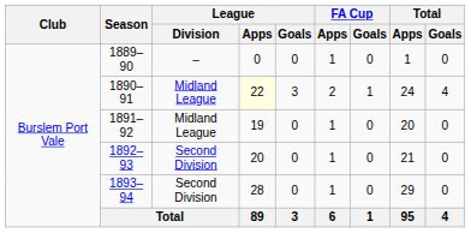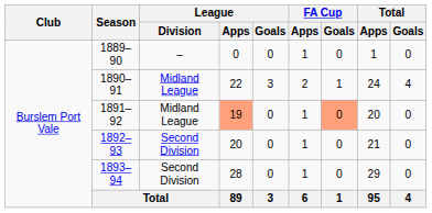 <table class="wikitable" style="text-align:center">
 <tr>
 <th rowspan="2">Club</th>
 <th rowspan="2">Season</th>
 <th colspan="3">League</th>
 <th colspan="2"><a href='#'>FA Cup</a></th>
 <th colspan="2">Total</th>
 </tr>
 <tr>
 <th>Division</th>
 <th>Apps</th>
 <th>Goals</th>
 <th>Apps</th>
 <th>Goals</th>
 <th>Apps</th>
 <th>Goals</th>
 </tr>
 <tr>
 <td rowspan="6"><a href='#'>Burslem Port Vale</a></td>
 <td>1889–90</td>
 <td>–</td>
 <td>0</td>
 <td>0</td>
 <td>1</td>
 <td>0</td>
 <td>1</td>
 <td>0</td>
 </tr>
 <tr>
 <td>1890–91</td>
 <td><a href='#'>Midland League</a></td>
-<td style="background: lightyellow;">22</td>
+<td>22</td>
 <td>3</td>
 <td>2</td>
 <td>1</td>
 <td>24</td>
 <td>4</td>
 </tr>
 <tr>
 <td>1891–92</td>
 <td>Midland League</td>
-<td>19</td>
+<td style="background: lightsalmon;">19</td>
 <td>0</td>
 <td>1</td>
-<td>0</td>
+<td style="background: lightsalmon;">0</td>
 <td>20</td>
 <td>0</td>
 </tr>
 <tr>
 <td><a href='#'>1892–93</a></td>
 <td><a href='#'>Second Division</a></td>
 <td>20</td>
 <td>0</td>
 <td>1</td>
 <td>0</td>
 <td>21</td>
 <td>0</td>
 </tr>
 <tr>
 <td><a href='#'>1893–94</a></td>
 <td>Second Division</td>
 <td>28</td>
 <td>0</td>
 <td>1</td>
 <td>0</td>
 <td>29</td>
 <td>0</td>
 </tr>
 <tr>
 <th colspan="2">Total</th>
 <th>89</th>
 <th>3</th>
 <th>6</th>
 <th>1</th>
 <th>95</th>
 <th>4</th>
 </tr>
 </table>
